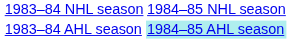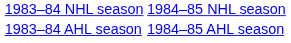 <table>
 <tr>
 <td><a href='#'>1983–84 NHL season</a></td>
 <td><a href='#'>1984–85 NHL season</a></td>
 </tr>
 <tr>
 <td><a href='#'>1983–84 AHL season</a></td>
-<td style="background: paleturquoise;"><a href='#'>1984–85 AHL season</a></td>
+<td><a href='#'>1984–85 AHL season</a></td>
 </tr>
 <tr>
 </tr>
 </table>
